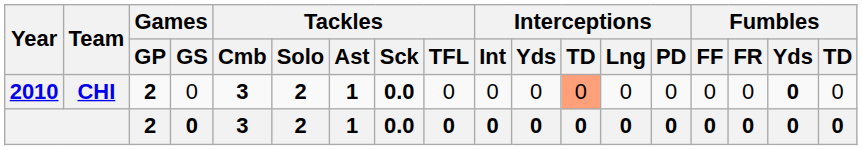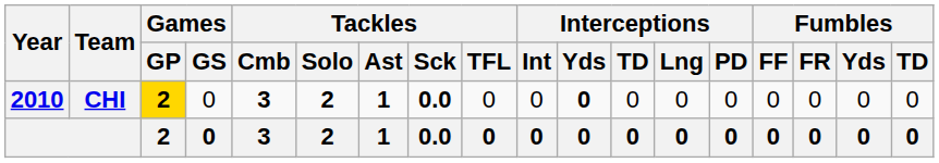 <table class="wikitable" style="text-align:center">
 <tr>
 <th rowspan="2">Year</th>
 <th rowspan="2">Team</th>
 <th colspan="2">Games</th>
 <th colspan="5">Tackles</th>
 <th colspan="5">Interceptions</th>
 <th colspan="4">Fumbles</th>
 </tr>
 <tr>
 <th>GP</th>
 <th>GS</th>
 <th>Cmb</th>
 <th>Solo</th>
 <th>Ast</th>
 <th>Sck</th>
 <th>TFL</th>
 <th>Int</th>
 <th>Yds</th>
 <th>TD</th>
 <th>Lng</th>
 <th>PD</th>
 <th>FF</th>
 <th>FR</th>
 <th>Yds</th>
 <th>TD</th>
 </tr>
 <tr>
 <th><a href='#'>2010</a></th>
 <th><a href='#'>CHI</a></th>
-<td><strong>2</strong></td>
+<td style="background: gold;"><strong>2</strong></td>
 <td>0</td>
 <td><strong>3</strong></td>
 <td><strong>2</strong></td>
 <td><strong>1</strong></td>
 <td><strong>0.0</strong></td>
 <td>0</td>
 <td>0</td>
-<td>0</td>
-<td style="background: lightsalmon;">0</td>
+<td><strong>0</strong></td>
 <td>0</td>
 <td>0</td>
 <td>0</td>
 <td>0</td>
-<td><strong>0</strong></td>
+<td>0</td>
+<td>0</td>
 <td>0</td>
 </tr>
 <tr>
 <th colspan="2"></th>
 <th>2</th>
 <th>0</th>
 <th>3</th>
 <th>2</th>
 <th>1</th>
 <th>0.0</th>
 <th>0</th>
 <th>0</th>
 <th>0</th>
 <th>0</th>
 <th>0</th>
 <th>0</th>
 <th>0</th>
 <th>0</th>
 <th>0</th>
 <th>0</th>
 </tr>
 </table>
